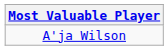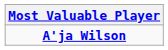 <table class=wikitable style="text-align:center; margin:auto">
 <tr>
 <th><a href='#'>Most Valuable Player</a></th>
 </tr>
 <tr>
-<td> <a href='#'>A'ja Wilson</a></td>
+<td><strong> <a href='#'>A'ja Wilson</a></strong></td>
 </tr>
 </table>
